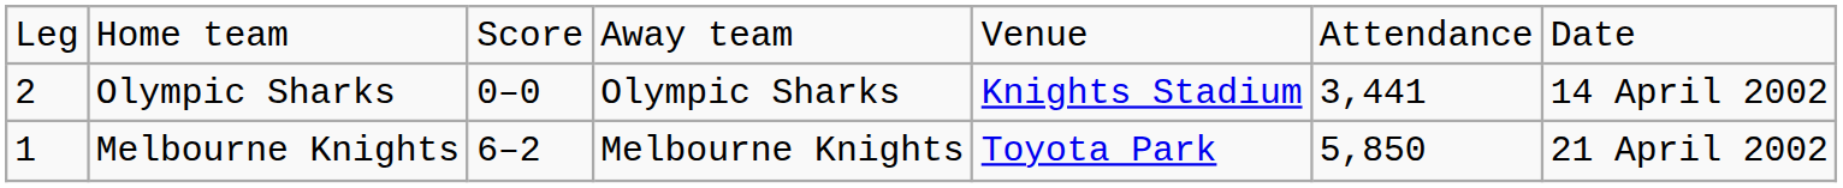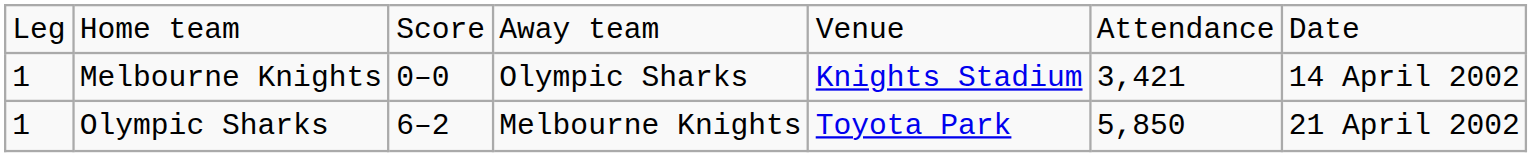 <table class="wikitable" style="text-align:left">
 <tr>
 <td>Leg</td>
 <td>Home team</td>
 <td>Score</td>
 <td>Away team</td>
 <td>Venue</td>
 <td>Attendance</td>
 <td>Date</td>
 </tr>
 <tr>
-<td>2</td>
-<td>Olympic Sharks</td>
+<td>1</td>
+<td>Melbourne Knights</td>
 <td>0–0</td>
 <td>Olympic Sharks</td>
 <td><a href='#'>Knights Stadium</a></td>
-<td>3,441</td>
+<td>3,421</td>
 <td>14 April 2002</td>
 </tr>
 <tr>
 <td>1</td>
-<td>Melbourne Knights</td>
+<td>Olympic Sharks</td>
 <td>6–2</td>
 <td>Melbourne Knights</td>
 <td><a href='#'>Toyota Park</a></td>
 <td>5,850</td>
 <td>21 April 2002</td>
 </tr>
 </table>
